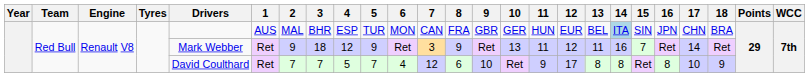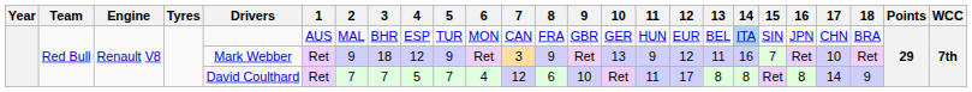 <table class="wikitable" style="text-align:center; font-size:95%">
 <tr>
 <th>Year</th>
 <th>Team</th>
 <th>Engine</th>
 <th>Tyres</th>
 <th>Drivers</th>
 <th>1</th>
 <th>2</th>
 <th>3</th>
 <th>4</th>
 <th>5</th>
 <th>6</th>
 <th>7</th>
 <th>8</th>
 <th>9</th>
 <th>10</th>
 <th>11</th>
 <th>12</th>
 <th>13</th>
 <th>14</th>
 <th>15</th>
 <th>16</th>
 <th>17</th>
 <th>18</th>
 <th>Points</th>
 <th>WCC</th>
 </tr>
 <tr>
 <th rowspan="3"></th>
 <td rowspan="3"><a href='#'>Red Bull</a></td>
 <td rowspan="3"><a href='#'>Renault</a> <a href='#'>V8</a></td>
 <td rowspan="3"></td>
 <td></td>
 <td><a href='#'>AUS</a></td>
 <td><a href='#'>MAL</a></td>
 <td><a href='#'>BHR</a></td>
 <td><a href='#'>ESP</a></td>
 <td><a href='#'>TUR</a></td>
 <td><a href='#'>MON</a></td>
 <td><a href='#'>CAN</a></td>
 <td><a href='#'>FRA</a></td>
 <td><a href='#'>GBR</a></td>
 <td><a href='#'>GER</a></td>
 <td><a href='#'>HUN</a></td>
 <td><a href='#'>EUR</a></td>
 <td><a href='#'>BEL</a></td>
 <td style="background: lightblue;"><a href='#'>ITA</a></td>
 <td><a href='#'>SIN</a></td>
-<td><a href='#'>JPN</a></td>
+<td style="background: lightyellow;"><a href='#'>JPN</a></td>
 <td><a href='#'>CHN</a></td>
 <td><a href='#'>BRA</a></td>
 <th rowspan="3">29</th>
 <th rowspan="3">7th</th>
 </tr>
 <tr>
 <td> <a href='#'>Mark Webber</a></td>
 <td style="background:#EFCFFF;">Ret</td>
 <td style="background:#CFCFFF;">9</td>
 <td style="background:#CFCFFF;">18</td>
 <td style="background:#CFCFFF;">12</td>
 <td style="background:#CFCFFF;">9</td>
 <td style="background:#EFCFFF;">Ret</td>
 <td style="background:#FFDF9F;">3</td>
 <td style="background:#CFCFFF;">9</td>
 <td style="background:#EFCFFF;">Ret</td>
 <td style="background:#CFCFFF;">13</td>
-<td style="background:#CFCFFF;">11</td>
+<td style="background:#CFCFFF;">9</td>
 <td style="background:#CFCFFF;">12</td>
 <td style="background:#CFCFFF;">11</td>
 <td style="background:#CFCFFF;">16</td>
 <td style="background:#DFFFDF;">7</td>
 <td style="background:#EFCFFF;">Ret</td>
-<td style="background:#CFCFFF;">14</td>
+<td style="background:#CFCFFF;">10</td>
 <td style="background:#EFCFFF;">Ret</td>
 </tr>
 <tr>
 <td> <a href='#'>David Coulthard</a></td>
 <td style="background:#EFCFFF;">Ret</td>
 <td style="background:#DFFFDF;">7</td>
 <td style="background:#DFFFDF;">7</td>
 <td style="background:#DFFFDF;">5</td>
 <td style="background:#DFFFDF;">7</td>
 <td style="background:#DFFFDF;">4</td>
 <td style="background:#CFCFFF;">12</td>
 <td style="background:#DFFFDF;">6</td>
 <td style="background:#CFCFFF;">10</td>
 <td style="background:#EFCFFF;">Ret</td>
-<td style="background:#CFCFFF;">9</td>
+<td style="background:#CFCFFF;">11</td>
 <td style="background:#CFCFFF;">17</td>
 <td style="background:#DFFFDF;">8</td>
 <td style="background:#DFFFDF;">8</td>
 <td style="background:#EFCFFF;">Ret</td>
 <td style="background:#DFFFDF;">8</td>
-<td style="background:#CFCFFF;">10</td>
+<td style="background:#CFCFFF;">14</td>
 <td style="background:#CFCFFF;">9</td>
 </tr>
 </table>
